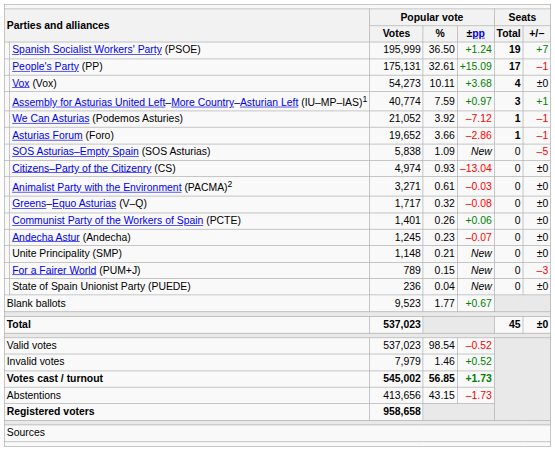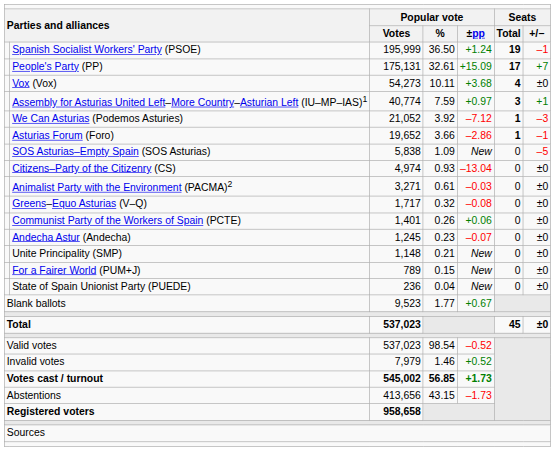 <table class="wikitable" style="text-align:right;">
 <tr>
 <td colspan="7"></td>
 </tr>
 <tr>
 <th style="text-align:left;" rowspan="2" colspan="2" width="525">Parties and alliances</th>
 <th colspan="3">Popular vote</th>
 <th colspan="2">Seats</th>
 </tr>
 <tr>
 <th width="75">Votes</th>
 <th width="45">%</th>
 <th width="45">±<a href='#'>pp</a></th>
 <th width="35">Total</th>
 <th width="35">+/−</th>
 </tr>
 <tr>
 <td width="1" style="color:inherit;background:"></td>
 <td align="left"><a href='#'>Spanish Socialist Workers' Party</a> (PSOE)</td>
 <td>195,999</td>
 <td>36.50</td>
 <td style="color:green;">+1.24</td>
 <td><strong>19</strong></td>
-<td style="color:green;">+7</td>
+<td style="color:red;">–1</td>
 </tr>
 <tr>
 <td style="color:inherit;background:"></td>
 <td align="left"><a href='#'>People's Party</a> (PP)</td>
 <td>175,131</td>
 <td>32.61</td>
 <td style="color:green;">+15.09</td>
 <td><strong>17</strong></td>
-<td style="color:red;">–1</td>
+<td style="color:green;">+7</td>
 </tr>
 <tr>
 <td style="color:inherit;background:"></td>
 <td align="left"><a href='#'>Vox</a> (Vox)</td>
 <td>54,273</td>
 <td>10.11</td>
 <td style="color:green;">+3.68</td>
 <td><strong>4</strong></td>
 <td>±0</td>
 </tr>
 <tr>
 <td style="color:inherit;background:"></td>
 <td align="left"><a href='#'>Assembly for Asturias United Left</a>–<a href='#'>More Country</a>–<a href='#'>Asturian Left</a> (IU–MP–IAS)<sup>1</sup></td>
 <td>40,774</td>
 <td>7.59</td>
 <td style="color:green;">+0.97</td>
 <td><strong>3</strong></td>
 <td style="color:green;">+1</td>
 </tr>
 <tr>
 <td style="color:inherit;background:"></td>
 <td align="left"><a href='#'>We Can Asturias</a> (Podemos Asturies)</td>
 <td>21,052</td>
 <td>3.92</td>
 <td style="color:red;">–7.12</td>
 <td><strong>1</strong></td>
-<td style="color:red;">–1</td>
+<td style="color:red;">–3</td>
 </tr>
 <tr>
 <td style="color:inherit;background:"></td>
 <td align="left"><a href='#'>Asturias Forum</a> (Foro)</td>
 <td>19,652</td>
 <td>3.66</td>
 <td style="color:red;">–2.86</td>
 <td><strong>1</strong></td>
 <td style="color:red;">–1</td>
 </tr>
 <tr>
 <td style="color:inherit;background:"></td>
 <td align="left"><a href='#'>SOS Asturias–Empty Spain</a> (SOS Asturias)</td>
 <td>5,838</td>
 <td>1.09</td>
 <td><em>New</em></td>
 <td>0</td>
 <td style="color:red;">–5</td>
 </tr>
 <tr>
 <td style="color:inherit;background:"></td>
 <td align="left"><a href='#'>Citizens–Party of the Citizenry</a> (CS)</td>
 <td>4,974</td>
 <td>0.93</td>
 <td style="color:red;">–13.04</td>
 <td>0</td>
 <td>±0</td>
 </tr>
 <tr>
 <td style="color:inherit;background:"></td>
 <td align="left"><a href='#'>Animalist Party with the Environment</a> (PACMA)<sup>2</sup></td>
 <td>3,271</td>
 <td>0.61</td>
 <td style="color:red;">–0.03</td>
 <td>0</td>
 <td>±0</td>
 </tr>
 <tr>
 <td style="color:inherit;background:"></td>
 <td align="left"><a href='#'>Greens</a>–<a href='#'>Equo Asturias</a> (V–Q)</td>
 <td>1,717</td>
 <td>0.32</td>
 <td style="color:red;">–0.08</td>
 <td>0</td>
 <td>±0</td>
 </tr>
 <tr>
 <td style="color:inherit;background:"></td>
 <td align="left"><a href='#'>Communist Party of the Workers of Spain</a> (PCTE)</td>
 <td>1,401</td>
 <td>0.26</td>
 <td style="color:green;">+0.06</td>
 <td>0</td>
 <td>±0</td>
 </tr>
 <tr>
 <td bgcolor=></td>
 <td align="left"><a href='#'>Andecha Astur</a> (Andecha)</td>
 <td>1,245</td>
 <td>0.23</td>
 <td style="color:red;">–0.07</td>
 <td>0</td>
 <td>±0</td>
 </tr>
 <tr>
 <td style="color:inherit;background:"></td>
 <td align="left">Unite Principality (SMP)</td>
 <td>1,148</td>
 <td>0.21</td>
 <td><em>New</em></td>
 <td>0</td>
 <td>±0</td>
 </tr>
 <tr>
 <td style="color:inherit;background:"></td>
 <td align="left"><a href='#'>For a Fairer World</a> (PUM+J)</td>
 <td>789</td>
 <td>0.15</td>
 <td><em>New</em></td>
 <td>0</td>
-<td style="color:red;">–3</td>
+<td>±0</td>
 </tr>
 <tr>
 <td style="color:inherit;background:"></td>
 <td align="left">State of Spain Unionist Party (PUEDE)</td>
 <td>236</td>
 <td>0.04</td>
 <td><em>New</em></td>
 <td>0</td>
 <td>±0</td>
 </tr>
 <tr>
 <td align="left" colspan="2">Blank ballots</td>
 <td>9,523</td>
 <td>1.77</td>
 <td style="color:green;">+0.67</td>
 <td bgcolor="#E9E9E9" colspan="2"></td>
 </tr>
 <tr>
 <td colspan="7" bgcolor="#E9E9E9"></td>
 </tr>
 <tr style="font-weight:bold;">
 <td align="left" colspan="2">Total</td>
 <td>537,023</td>
 <td bgcolor="#E9E9E9" colspan="2"></td>
 <td>45</td>
 <td>±0</td>
 </tr>
 <tr>
 <td colspan="7" bgcolor="#E9E9E9"></td>
 </tr>
 <tr>
 <td align="left" colspan="2">Valid votes</td>
 <td>537,023</td>
 <td>98.54</td>
 <td style="color:red;">–0.52</td>
 <td bgcolor="#E9E9E9" colspan="2" rowspan="5"></td>
 </tr>
 <tr>
 <td align="left" colspan="2">Invalid votes</td>
 <td>7,979</td>
 <td>1.46</td>
 <td style="color:green;">+0.52</td>
 </tr>
 <tr style="font-weight:bold;">
 <td align="left" colspan="2">Votes cast / turnout</td>
 <td>545,002</td>
 <td>56.85</td>
 <td style="color:green;">+1.73</td>
 </tr>
 <tr>
 <td align="left" colspan="2">Abstentions</td>
 <td>413,656</td>
 <td>43.15</td>
 <td style="color:red;">–1.73</td>
 </tr>
 <tr style="font-weight:bold;">
 <td align="left" colspan="2">Registered voters</td>
 <td>958,658</td>
 <td bgcolor="#E9E9E9" colspan="2"></td>
 </tr>
 <tr>
 <td colspan="7" bgcolor="#E9E9E9"></td>
 </tr>
 <tr>
 <td align="left" colspan="7">Sources</td>
 </tr>
 <tr>
 <td colspan="7" style="text-align:left; max-width:790px;"></td>
 </tr>
 </table>
